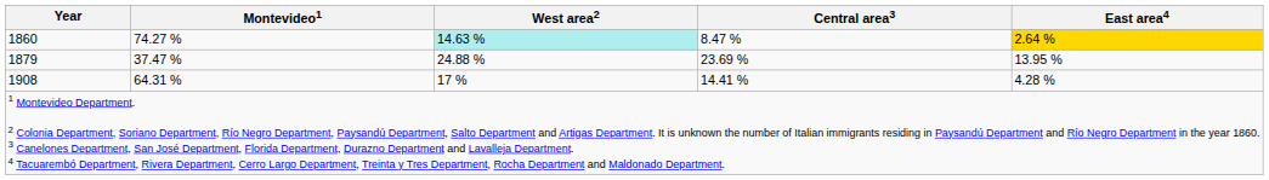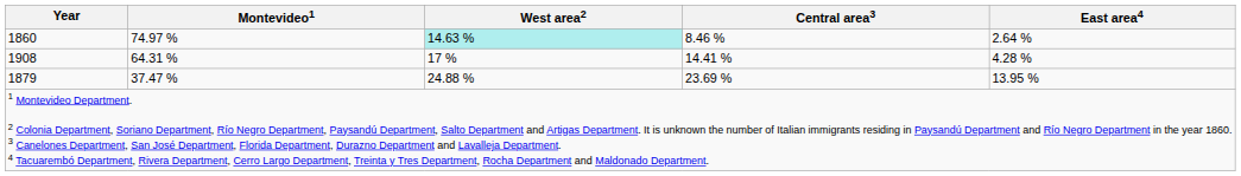 <table class="wikitable" border="1">
 <tr>
 <th>Year</th>
 <th>Montevideo<sup>1</sup></th>
 <th>West area<sup>2</sup></th>
 <th>Central area<sup>3</sup></th>
 <th>East area<sup>4</sup></th>
 </tr>
 <tr>
 <td>1860</td>
-<td>74.27 %</td>
+<td>74.97 %</td>
 <td style="background: paleturquoise;">14.63 %</td>
-<td>8.47 %</td>
-<td style="background: gold;">2.64 %</td>
+<td>8.46 %</td>
+<td>2.64 %</td>
+</tr>
+<tr>
+<td>1908</td>
+<td>64.31 %</td>
+<td>17 %</td>
+<td>14.41 %</td>
+<td>4.28 %</td>
 </tr>
 <tr>
 <td>1879</td>
 <td>37.47 %</td>
 <td>24.88 %</td>
 <td>23.69 %</td>
 <td>13.95 %</td>
 </tr>
 <tr>
-<td>1908</td>
-<td>64.31 %</td>
-<td>17 %</td>
-<td>14.41 %</td>
-<td>4.28 %</td>
-</tr>
-<tr>
 <td colspan=5><small><sup>1</sup> <a href='#'>Montevideo Department</a>.</small><br><br><small><sup>2</sup> <a href='#'>Colonia Department</a>, <a href='#'>Soriano Department</a>, <a href='#'>Río Negro Department</a>, <a href='#'>Paysandú Department</a>, <a href='#'>Salto Department</a> and <a href='#'>Artigas Department</a>. It is unknown the number of Italian immigrants residing in <a href='#'>Paysandú Department</a> and <a href='#'>Río Negro Department</a> in the year 1860.</small><br> <small><sup>3</sup> <a href='#'>Canelones Department</a>, <a href='#'>San José Department</a>, <a href='#'>Florida Department</a>, <a href='#'>Durazno Department</a> and <a href='#'>Lavalleja Department</a>.</small><br> <small><sup>4</sup> <a href='#'>Tacuarembó Department</a>, <a href='#'>Rivera Department</a>, <a href='#'>Cerro Largo Department</a>, <a href='#'>Treinta y Tres Department</a>, <a href='#'>Rocha Department</a> and <a href='#'>Maldonado Department</a>.</small></td>
 </tr>
 </table>
